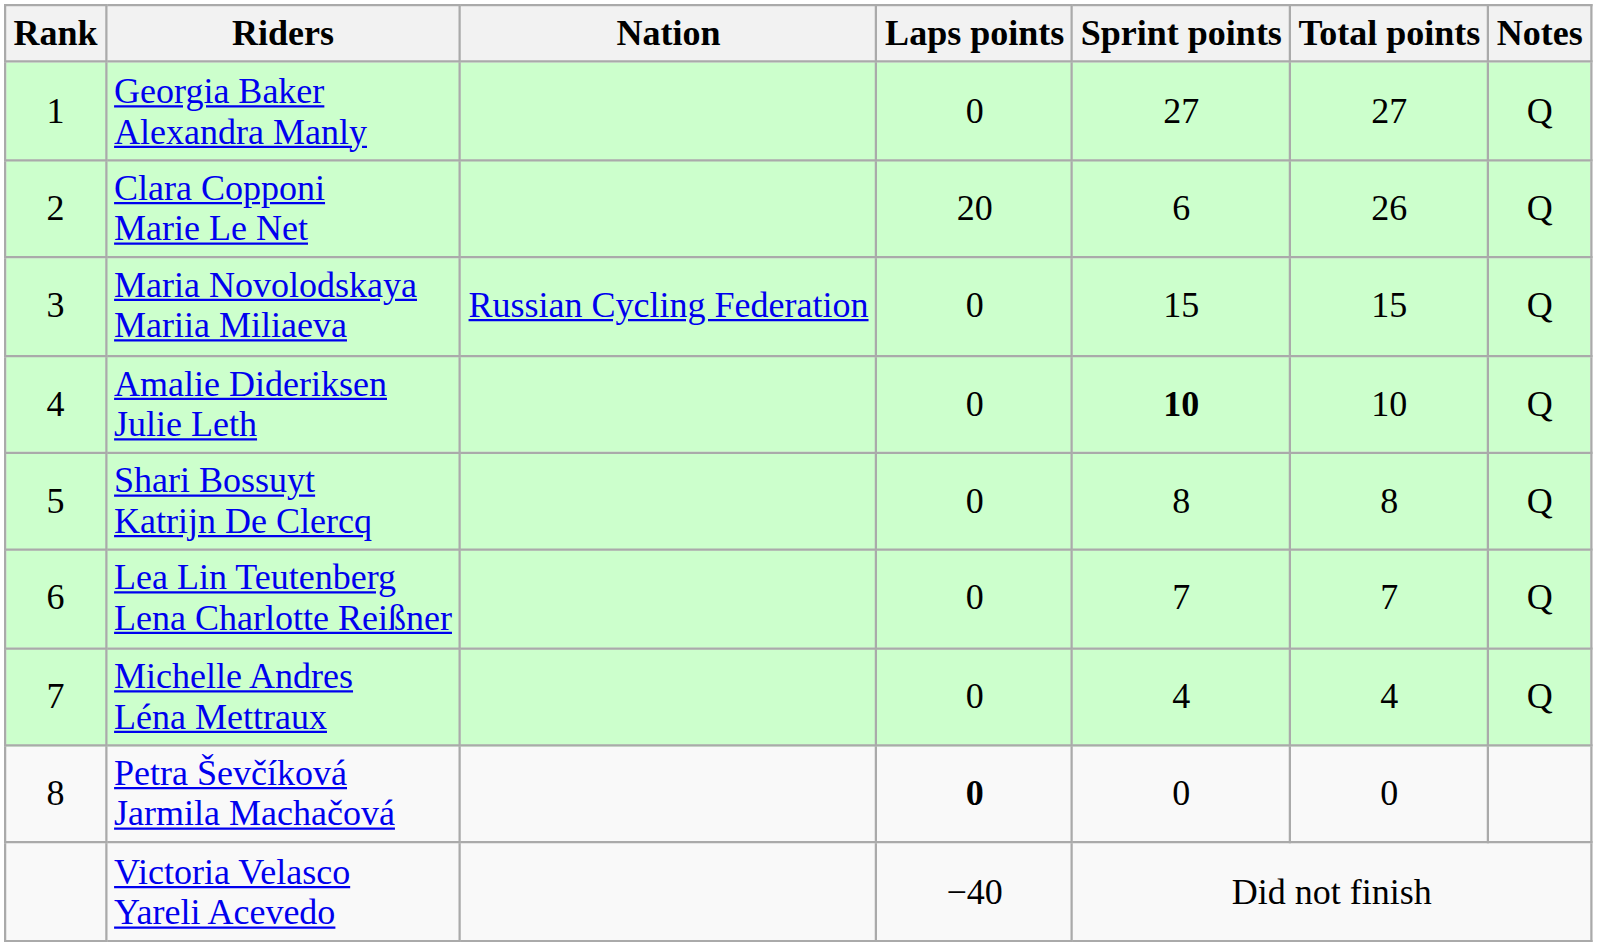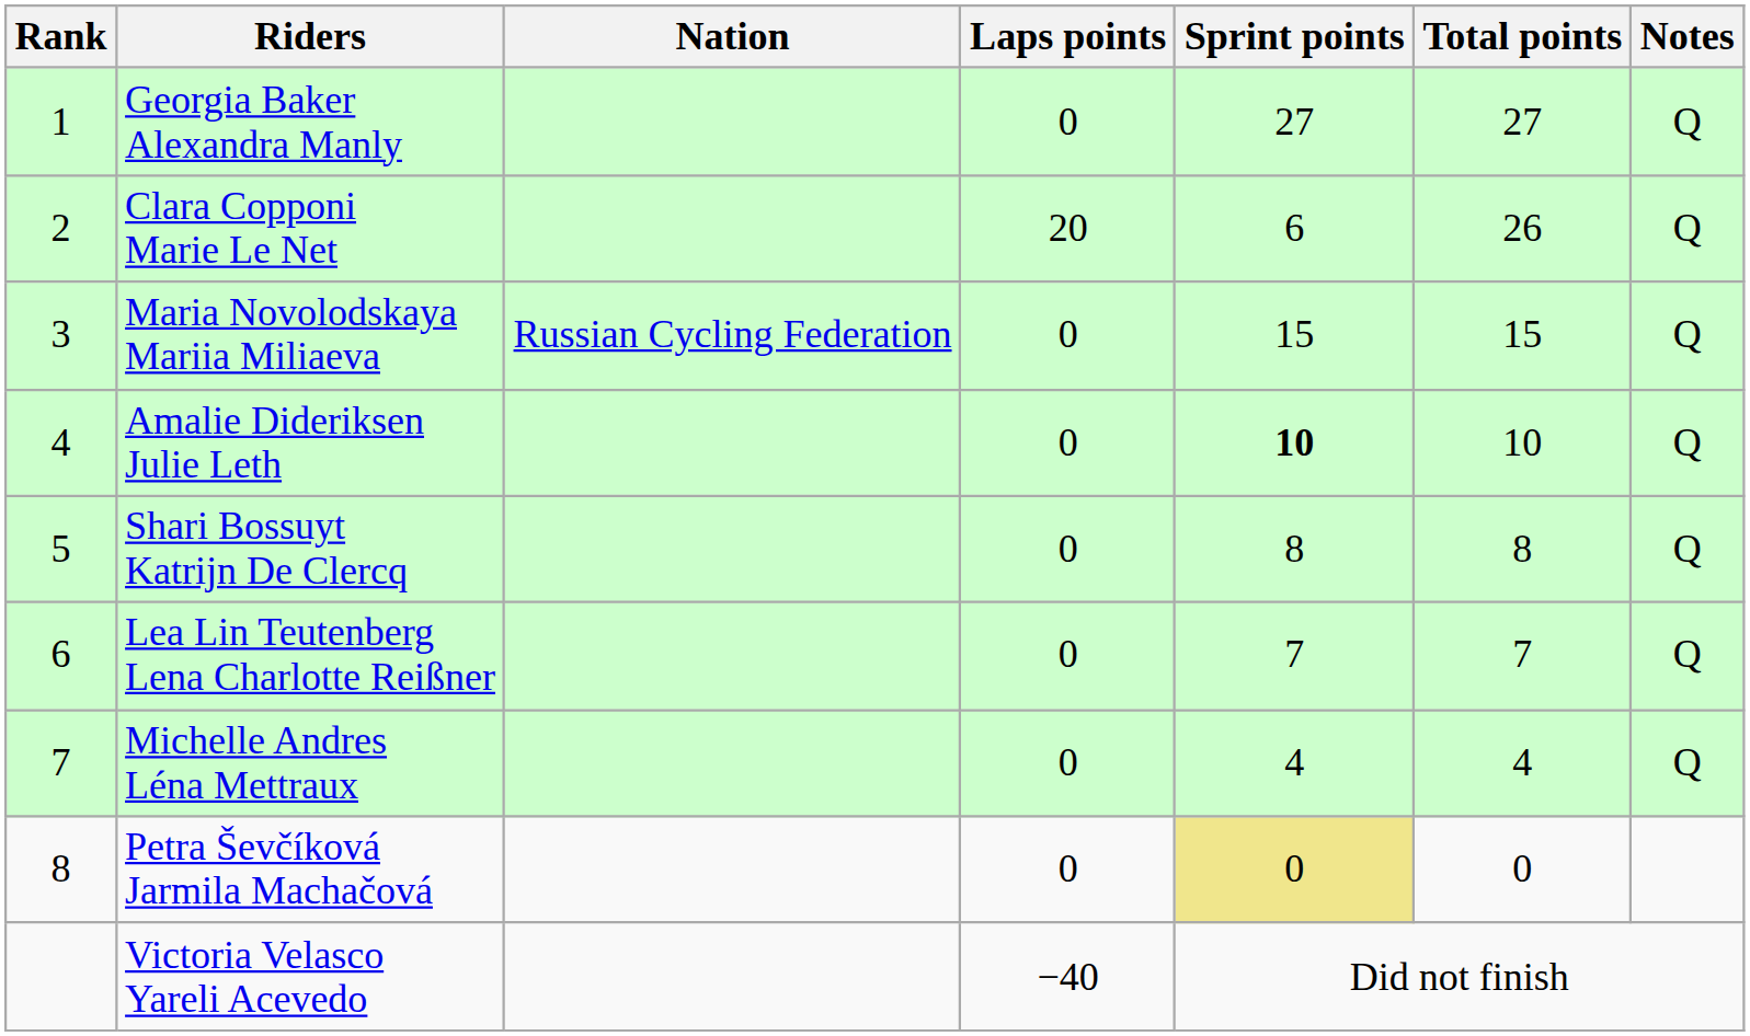 <table class="wikitable sortable" style="text-align:center">
 <tr>
 <th>Rank</th>
 <th>Riders</th>
 <th>Nation</th>
 <th>Laps points</th>
 <th>Sprint points</th>
 <th>Total points</th>
 <th>Notes</th>
 </tr>
 <tr bgcolor=ccffcc>
 <td>1</td>
 <td align=left><a href='#'>Georgia Baker</a><br><a href='#'>Alexandra Manly</a></td>
 <td align=left></td>
 <td>0</td>
 <td>27</td>
 <td>27</td>
 <td>Q</td>
 </tr>
 <tr bgcolor=ccffcc>
 <td>2</td>
 <td align=left><a href='#'>Clara Copponi</a><br><a href='#'>Marie Le Net</a></td>
 <td align=left></td>
 <td>20</td>
 <td>6</td>
 <td>26</td>
 <td>Q</td>
 </tr>
 <tr bgcolor=ccffcc>
 <td>3</td>
 <td align=left><a href='#'>Maria Novolodskaya</a><br><a href='#'>Mariia Miliaeva</a></td>
 <td align=left><a href='#'>Russian Cycling Federation</a></td>
 <td>0</td>
 <td>15</td>
 <td>15</td>
 <td>Q</td>
 </tr>
 <tr bgcolor=ccffcc>
 <td>4</td>
 <td align=left><a href='#'>Amalie Dideriksen</a><br><a href='#'>Julie Leth</a></td>
 <td align=left></td>
 <td>0</td>
 <td><strong>10</strong></td>
 <td>10</td>
 <td>Q</td>
 </tr>
 <tr bgcolor=ccffcc>
 <td>5</td>
 <td align=left><a href='#'>Shari Bossuyt</a><br><a href='#'>Katrijn De Clercq</a></td>
 <td align=left></td>
 <td>0</td>
 <td>8</td>
 <td>8</td>
 <td>Q</td>
 </tr>
 <tr bgcolor=ccffcc>
 <td>6</td>
 <td align=left><a href='#'>Lea Lin Teutenberg</a><br><a href='#'>Lena Charlotte Reißner</a></td>
 <td align=left></td>
 <td>0</td>
 <td>7</td>
 <td>7</td>
 <td>Q</td>
 </tr>
 <tr bgcolor=ccffcc>
 <td>7</td>
 <td align=left><a href='#'>Michelle Andres</a><br><a href='#'>Léna Mettraux</a></td>
 <td align=left></td>
 <td>0</td>
 <td>4</td>
 <td>4</td>
 <td>Q</td>
 </tr>
 <tr>
 <td>8</td>
 <td align=left><a href='#'>Petra Ševčíková</a><br><a href='#'>Jarmila Machačová</a></td>
 <td align=left></td>
-<td><strong>0</strong></td>
 <td>0</td>
+<td style="background: khaki;">0</td>
 <td>0</td>
 <td></td>
 </tr>
 <tr>
 <td></td>
 <td align=left><a href='#'>Victoria Velasco</a><br><a href='#'>Yareli Acevedo</a></td>
 <td align=left></td>
 <td>−40</td>
 <td colspan=3>Did not finish</td>
 </tr>
 </table>
